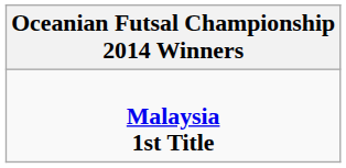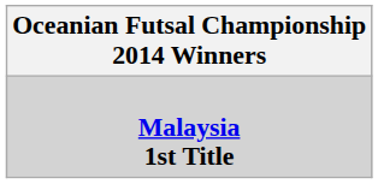 <table class="wikitable" style="text-align: center; margin: 0 auto;">
 <tr>
 <th>Oceanian Futsal Championship <br>2014 Winners</th>
 </tr>
 <tr>
-<td><br><strong><a href='#'>Malaysia</a></strong><br><strong>1st Title</strong></td>
+<td style="background: lightgrey;"><br><strong><a href='#'>Malaysia</a></strong><br><strong>1st Title</strong></td>
 </tr>
 </table>
